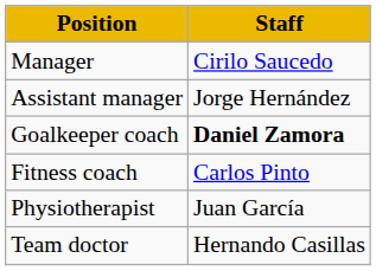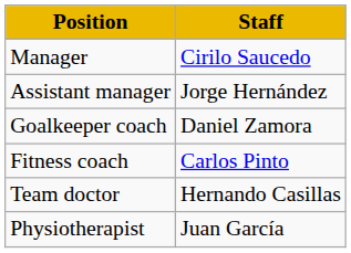 <table class="wikitable">
 <tr>
 <th style=background-color:#ECB901;color:black>Position</th>
 <th style=background-color:#ECB901;color:black>Staff</th>
 </tr>
 <tr>
 </tr>
 <tr>
 <td>Manager</td>
 <td> <a href='#'>Cirilo Saucedo</a></td>
 </tr>
 <tr>
 <td>Assistant manager</td>
 <td> Jorge Hernández</td>
 </tr>
 <tr>
 <td>Goalkeeper coach</td>
-<td><strong>  Daniel Zamora</strong></td>
+<td>  Daniel Zamora</td>
 </tr>
 <tr>
 <td>Fitness coach</td>
 <td> <a href='#'>Carlos Pinto</a></td>
 </tr>
 <tr>
+<td>Team doctor</td>
+<td> Hernando Casillas</td>
+</tr>
+<tr>
 <td>Physiotherapist</td>
 <td> Juan García</td>
 </tr>
-<tr>
-<td>Team doctor</td>
-<td> Hernando Casillas</td>
-</tr>
 </table>
